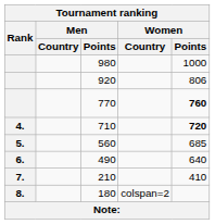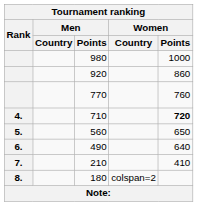 <table class="wikitable" style=font-size: 90%>
 <tr>
 <th colspan="5">Tournament ranking</th>
 </tr>
 <tr>
 <th rowspan=2>Rank</th>
 <th colspan="2">Men</th>
 <th colspan="2">Women</th>
 </tr>
 <tr>
 <th>Country</th>
 <th>Points</th>
 <th>Country</th>
 <th>Points</th>
 </tr>
 <tr>
 <th></th>
 <td align=left></td>
 <td align=right>980</td>
 <td align=left></td>
 <td align=right>1000</td>
 </tr>
 <tr>
 <th></th>
 <td align=left></td>
 <td align=right>920</td>
 <td align=left></td>
-<td align=right>806</td>
+<td align=right>860</td>
 </tr>
 <tr>
 <th></th>
 <td align=left><br><br></td>
 <td align=right>770</td>
 <td align=left></td>
-<td align=right><strong>760</strong></td>
+<td align=right>760</td>
 </tr>
 <tr>
 <th>4.</th>
 <td align=left></td>
 <td align=right>710</td>
 <td align=left></td>
 <td align=right><strong>720</strong></td>
 </tr>
 <tr>
 <th>5.</th>
 <td align=left></td>
 <td align=right>560</td>
 <td align=left></td>
-<td align=right>685</td>
+<td align=right>650</td>
 </tr>
 <tr>
 <th>6.</th>
 <td align=left></td>
 <td align=right>490</td>
 <td align=left></td>
 <td align=right>640</td>
 </tr>
 <tr>
 <th>7.</th>
 <td align=left></td>
 <td align=right>210</td>
 <td align=left></td>
 <td align=right>410</td>
 </tr>
 <tr>
 <th>8.</th>
 <td align=left></td>
 <td align=right>180</td>
 <td>colspan=2 </td>
 </tr>
 <tr>
 <th colspan=5>Note: </th>
 </tr>
 </table>
